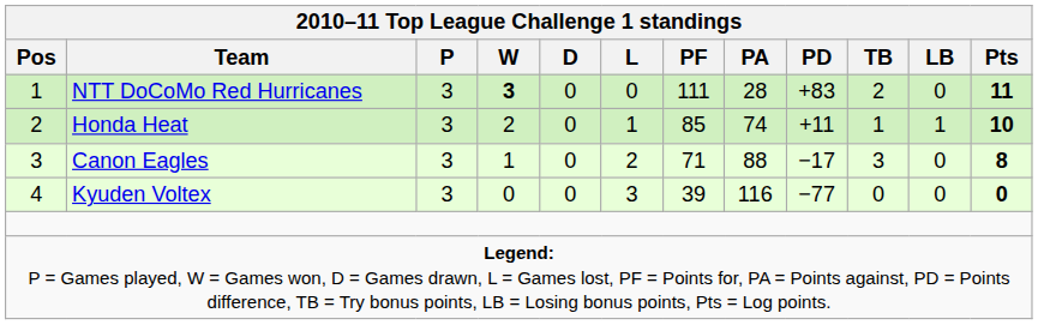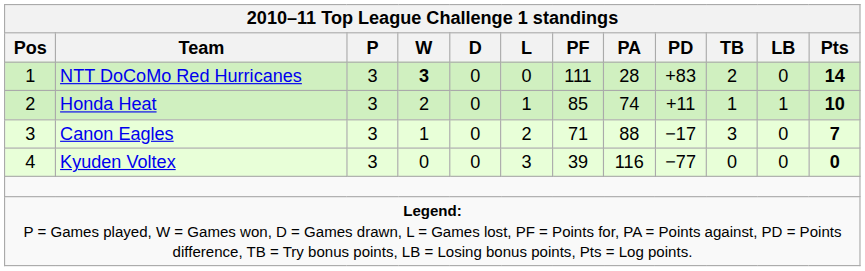 <table class="wikitable" style="text-align:center; font-size:100%; width:60%;">
 <tr>
 <th colspan="100%" cellpadding="0" cellspacing="0"><strong>2010–11 Top League Challenge 1 standings</strong></th>
 </tr>
 <tr>
 <th style="width:6%;">Pos</th>
 <th style="width:34%;">Team</th>
 <th style="width:6%;">P</th>
 <th style="width:6%;">W</th>
 <th style="width:6%;">D</th>
 <th style="width:6%;">L</th>
 <th style="width:6%;">PF</th>
 <th style="width:6%;">PA</th>
 <th style="width:6%;">PD</th>
 <th style="width:6%;">TB</th>
 <th style="width:6%;">LB</th>
 <th style="width:6%;">Pts<br></th>
 </tr>
 <tr style="background:#D0F0C0;">
 <td>1</td>
 <td style="text-align:left;"><a href='#'>NTT DoCoMo Red Hurricanes</a></td>
 <td>3</td>
 <td><strong>3</strong></td>
 <td>0</td>
 <td>0</td>
 <td>111</td>
 <td>28</td>
 <td>+83</td>
 <td>2</td>
 <td>0</td>
-<td><strong>11</strong></td>
+<td><strong>14</strong></td>
 </tr>
 <tr style="background:#D0F0C0;">
 <td>2</td>
 <td style="text-align:left;"><a href='#'>Honda Heat</a></td>
 <td>3</td>
 <td>2</td>
 <td>0</td>
 <td>1</td>
 <td>85</td>
 <td>74</td>
 <td>+11</td>
 <td>1</td>
 <td>1</td>
 <td><strong>10</strong></td>
 </tr>
 <tr style="background:#E8FFD8;">
 <td>3</td>
 <td style="text-align:left;"><a href='#'>Canon Eagles</a></td>
 <td>3</td>
 <td>1</td>
 <td>0</td>
 <td>2</td>
 <td>71</td>
 <td>88</td>
 <td>−17</td>
 <td>3</td>
 <td>0</td>
-<td><strong>8</strong></td>
+<td><strong>7</strong></td>
 </tr>
 <tr style="background:#E8FFD8;">
 <td>4</td>
 <td style="text-align:left;"><a href='#'>Kyuden Voltex</a></td>
 <td>3</td>
 <td>0</td>
 <td>0</td>
 <td>3</td>
 <td>39</td>
 <td>116</td>
 <td>−77</td>
 <td>0</td>
 <td>0</td>
 <td><strong>0</strong></td>
 </tr>
 <tr>
 <td colspan="100%" style="height:10px;"></td>
 </tr>
 <tr>
 <td colspan="100%"><small><strong>Legend:</strong> <br> P = Games played, W = Games won, D = Games drawn, L = Games lost, PF = Points for, PA = Points against, PD = Points difference, TB = Try bonus points, LB = Losing bonus points, Pts = Log points.</small></td>
 </tr>
 </table>
